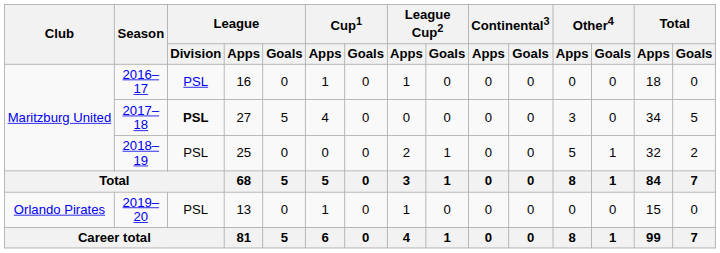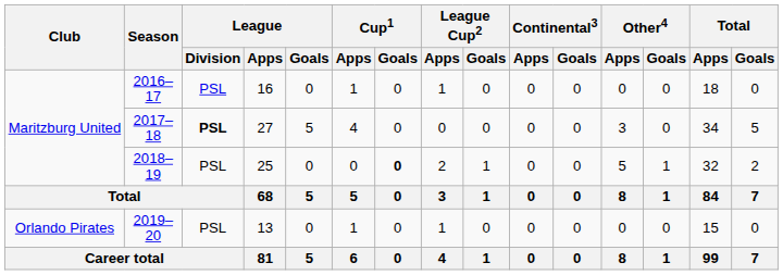 <table class="wikitable" style="text-align: center;">
 <tr>
 <th rowspan=2 style="width: 100pt;">Club</th>
 <th rowspan=2>Season</th>
 <th colspan=3>League</th>
 <th colspan="2">Cup<sup>1</sup></th>
 <th colspan="2">League Cup<sup>2</sup></th>
 <th colspan="2">Continental<sup>3</sup></th>
 <th colspan=2>Other<sup>4</sup></th>
 <th colspan=2>Total</th>
 </tr>
 <tr>
 <th>Division</th>
 <th>Apps</th>
 <th>Goals</th>
 <th>Apps</th>
 <th>Goals</th>
 <th>Apps</th>
 <th>Goals</th>
 <th>Apps</th>
 <th>Goals</th>
 <th>Apps</th>
 <th>Goals</th>
 <th>Apps</th>
 <th>Goals</th>
 </tr>
 <tr>
 <td rowspan="3"><a href='#'>Maritzburg United</a></td>
 <td><a href='#'>2016–17</a></td>
 <td><a href='#'>PSL</a></td>
 <td>16</td>
 <td>0</td>
 <td>1</td>
 <td>0</td>
 <td>1</td>
 <td>0</td>
 <td>0</td>
 <td>0</td>
 <td>0</td>
 <td>0</td>
 <td>18</td>
 <td>0</td>
 </tr>
 <tr>
 <td><a href='#'>2017–18</a></td>
 <td><strong>PSL</strong></td>
 <td>27</td>
 <td>5</td>
 <td>4</td>
 <td>0</td>
 <td>0</td>
 <td>0</td>
 <td>0</td>
 <td>0</td>
 <td>3</td>
 <td>0</td>
 <td>34</td>
 <td>5</td>
 </tr>
 <tr>
 <td><a href='#'>2018–19</a></td>
 <td>PSL</td>
 <td>25</td>
 <td>0</td>
 <td>0</td>
-<td>0</td>
+<td><strong>0</strong></td>
 <td>2</td>
 <td>1</td>
 <td>0</td>
 <td>0</td>
 <td>5</td>
 <td>1</td>
 <td>32</td>
 <td>2</td>
 </tr>
 <tr>
 <th colspan="3">Total</th>
 <th>68</th>
 <th>5</th>
 <th>5</th>
 <th>0</th>
 <th>3</th>
 <th>1</th>
 <th>0</th>
 <th>0</th>
 <th>8</th>
 <th>1</th>
 <th>84</th>
 <th>7</th>
 </tr>
 <tr>
 <td rowspan="1"><a href='#'>Orlando Pirates</a></td>
 <td><a href='#'>2019–20</a></td>
 <td>PSL</td>
 <td>13</td>
 <td>0</td>
 <td>1</td>
 <td>0</td>
 <td>1</td>
 <td>0</td>
 <td>0</td>
 <td>0</td>
 <td>0</td>
 <td>0</td>
 <td>15</td>
 <td>0</td>
 </tr>
 <tr>
 <th colspan="3">Career total</th>
 <th>81</th>
 <th>5</th>
 <th>6</th>
 <th>0</th>
 <th>4</th>
 <th>1</th>
 <th>0</th>
 <th>0</th>
 <th>8</th>
 <th>1</th>
 <th>99</th>
 <th>7</th>
 </tr>
 </table>
